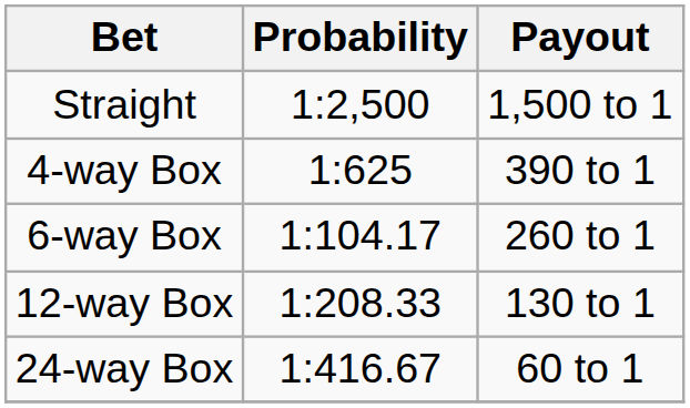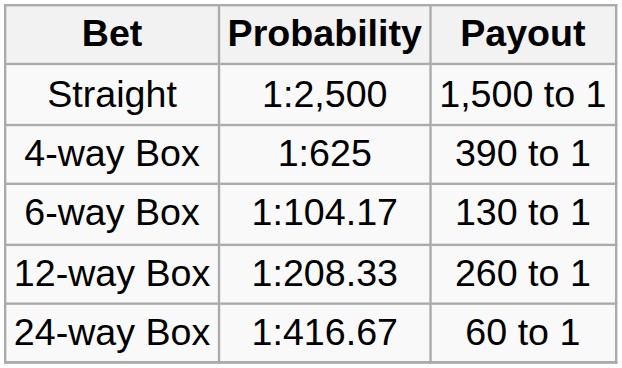 <table class="wikitable">
 <tr>
 <th>Bet</th>
 <th>Probability</th>
 <th>Payout</th>
 </tr>
 <tr align="center">
 <td>Straight</td>
 <td>1:2,500</td>
 <td colspan="2">1,500 to 1</td>
 </tr>
 <tr align="center">
 <td>4-way Box</td>
 <td>1:625</td>
 <td colspan="2">390 to 1</td>
 </tr>
 <tr align="center">
 <td>6-way Box</td>
 <td>1:104.17</td>
-<td>260 to 1</td>
+<td>130 to 1</td>
 </tr>
 <tr align="center">
 <td>12-way Box</td>
 <td>1:208.33</td>
-<td>130 to 1</td>
+<td>260 to 1</td>
 </tr>
 <tr align="center">
 <td>24-way Box</td>
 <td>1:416.67</td>
 <td colspan="2">60 to 1</td>
 </tr>
 <tr align="center">
 </tr>
 </table>
